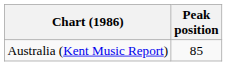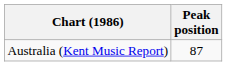 <table class="wikitable">
 <tr>
 <th scope="col">Chart (1986)</th>
 <th>Peak<br>position</th>
 </tr>
 <tr>
 <td>Australia (<a href='#'>Kent Music Report</a>)</td>
-<td style="text-align:center;">85</td>
+<td style="text-align:center;">87</td>
 </tr>
 </table>
